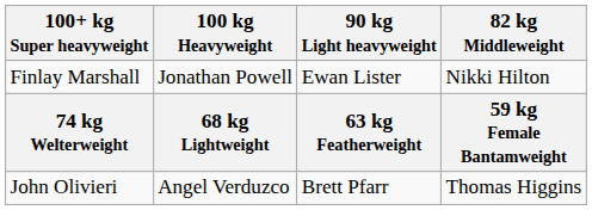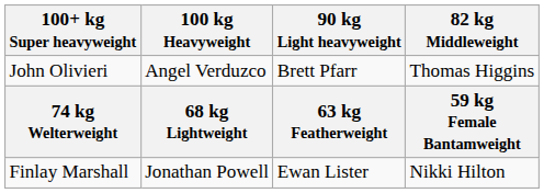 <table class="wikitable">
 <tr>
 <th>100+ kg<br><small>Super heavyweight</small></th>
 <th>100 kg<br><small>Heavyweight</small></th>
 <th>90 kg<br><small>Light heavyweight</small></th>
 <th>82 kg<br><small>Middleweight</small></th>
 </tr>
 <tr>
-<td>Finlay Marshall<br><small></small> <small></small></td>
-<td>Jonathan Powell<br><small></small></td>
-<td>Ewan Lister<br><small></small> <small></small></td>
-<td>Nikki Hilton<br><small> </small></td>
+<td>John Olivieri<br><small></small></td>
+<td>Angel Verduzco<br><small></small></td>
+<td>Brett Pfarr<br><small></small></td>
+<td>Thomas Higgins<br><small></small> <small></small> <small></small></td>
 </tr>
 <tr>
 <th>74 kg<br><small>Welterweight</small></th>
 <th>68 kg<br><small>Lightweight</small></th>
 <th>63 kg<br><small>Featherweight</small></th>
 <th>59 kg<br><small>Female</small><br><small>Bantamweight</small></th>
 </tr>
 <tr>
-<td>John Olivieri<br><small></small></td>
-<td>Angel Verduzco<br><small></small></td>
-<td>Brett Pfarr<br><small></small></td>
-<td>Thomas Higgins<br><small></small> <small></small> <small></small></td>
+<td>Finlay Marshall<br><small></small> <small></small></td>
+<td>Jonathan Powell<br><small></small></td>
+<td>Ewan Lister<br><small></small> <small></small></td>
+<td>Nikki Hilton<br><small> </small></td>
 </tr>
 </table>
